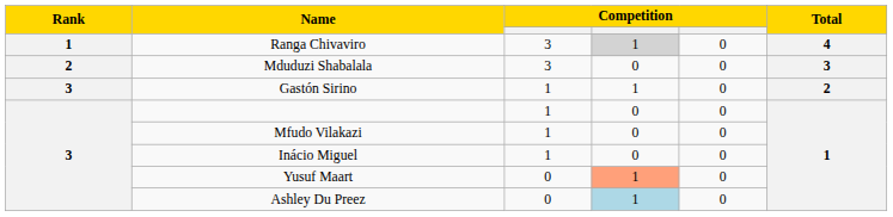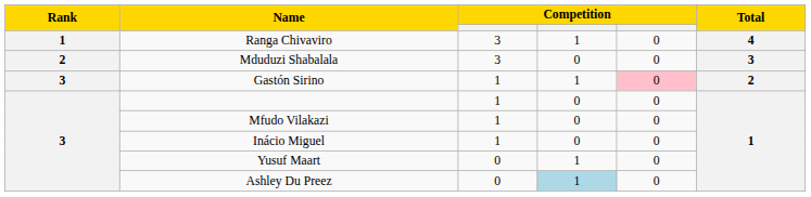 <table class="wikitable" style="text-align:center; width:80%;">
 <tr>
 <th rowspan="2" style="background:#FFD700; color:black; text-align:center;">Rank</th>
 <th rowspan="2" style="background:#FFD700; color:black; text-align:center;">Name</th>
 <th colspan="3" style="background:#FFD700; color:black; text-align:center;">Competition</th>
 <th rowspan="2" style="background:#FFD700; color:black; text-align:center;">Total</th>
 </tr>
 <tr>
 <th></th>
 <th></th>
 <th></th>
 </tr>
 <tr>
 <th>1</th>
 <td>Ranga Chivaviro</td>
 <td>3</td>
-<td style="background: lightgrey;">1</td>
+<td>1</td>
 <td>0</td>
 <th>4</th>
 </tr>
 <tr>
 <th>2</th>
 <td>Mduduzi Shabalala</td>
 <td>3</td>
 <td>0</td>
 <td>0</td>
 <th>3</th>
 </tr>
 <tr>
 <th>3</th>
 <td>Gastón Sirino</td>
 <td>1</td>
 <td>1</td>
-<td>0</td>
+<td style="background: pink;">0</td>
 <th>2</th>
 </tr>
 <tr>
 <th rowspan="5">3</th>
 <td></td>
 <td>1</td>
 <td>0</td>
 <td>0</td>
 <th rowspan="5">1</th>
 </tr>
 <tr>
 <td>Mfudo Vilakazi</td>
 <td>1</td>
 <td>0</td>
 <td>0</td>
 </tr>
 <tr>
 <td>Inácio Miguel</td>
 <td>1</td>
 <td>0</td>
 <td>0</td>
 </tr>
 <tr>
 <td>Yusuf Maart</td>
 <td>0</td>
-<td style="background: lightsalmon;">1</td>
+<td>1</td>
 <td>0</td>
 </tr>
 <tr>
 <td>Ashley Du Preez</td>
 <td>0</td>
 <td style="background: lightblue;">1</td>
 <td>0</td>
 </tr>
 </table>
